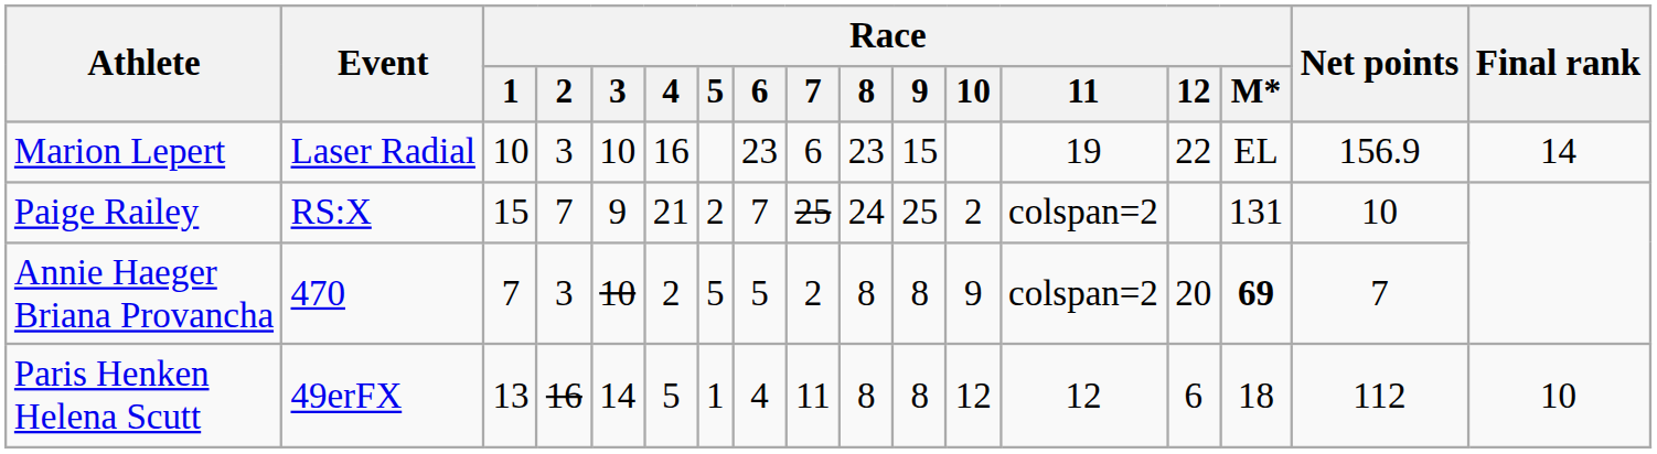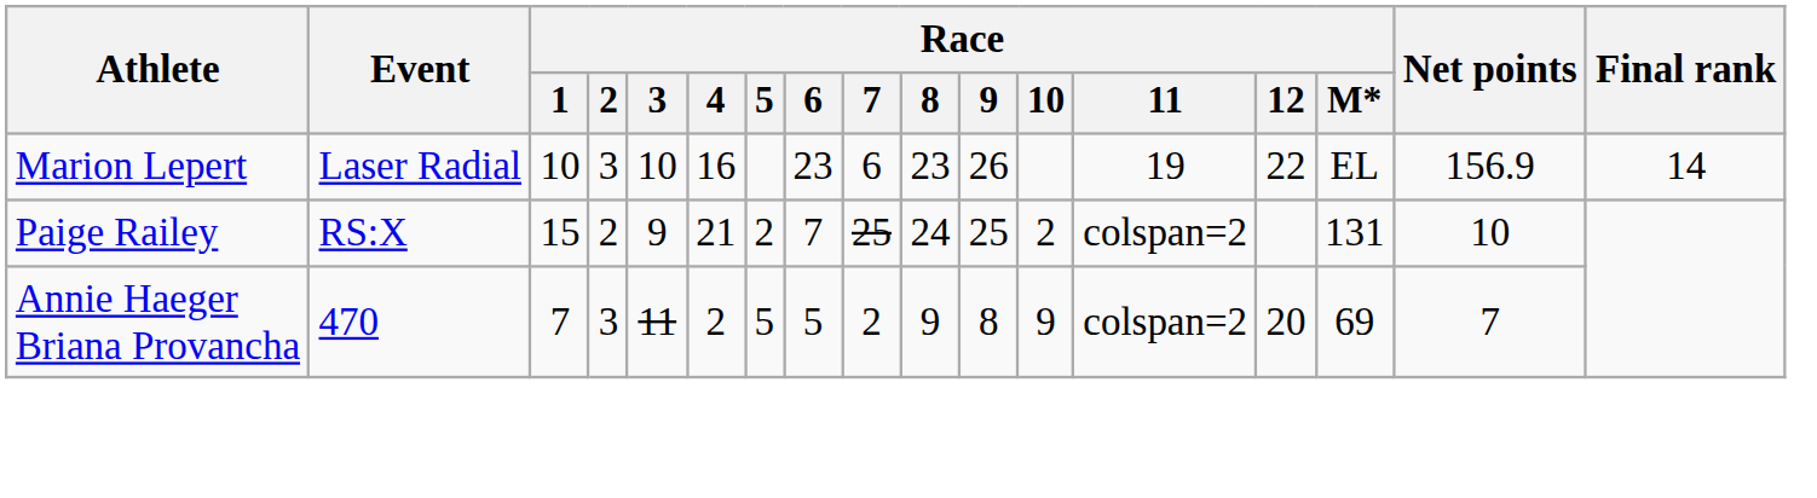 <table class=wikitable style=font-size:90%;text-align:center>
 <tr>
 <th rowspan=2>Athlete</th>
 <th rowspan=2>Event</th>
 <th colspan=13>Race</th>
 <th rowspan=2>Net points</th>
 <th rowspan=2>Final rank</th>
 </tr>
 <tr style=font-size:95%>
 <th>1</th>
 <th>2</th>
 <th>3</th>
 <th>4</th>
 <th>5</th>
 <th>6</th>
 <th>7</th>
 <th>8</th>
 <th>9</th>
 <th>10</th>
 <th>11</th>
 <th>12</th>
 <th>M*</th>
 </tr>
 <tr>
 <td align=left><a href='#'>Marion Lepert</a></td>
 <td align=left><a href='#'>Laser Radial</a></td>
 <td>10</td>
 <td>3</td>
 <td>10</td>
 <td>16</td>
 <td></td>
 <td>23</td>
 <td>6</td>
 <td>23</td>
-<td>15</td>
+<td>26</td>
 <td><s></s></td>
 <td>19</td>
 <td>22</td>
 <td>EL</td>
 <td>156.9</td>
 <td>14</td>
 </tr>
 <tr>
 <td align=left><a href='#'>Paige Railey</a></td>
 <td align=left><a href='#'>RS:X</a></td>
 <td>15</td>
-<td>7</td>
+<td>2</td>
 <td>9</td>
 <td>21</td>
 <td>2</td>
 <td>7</td>
 <td><s>25</s></td>
 <td>24</td>
 <td>25</td>
 <td>2</td>
 <td>colspan=2 </td>
 <td></td>
 <td>131</td>
 <td>10</td>
 </tr>
 <tr>
 <td align=left><a href='#'>Annie Haeger</a><br><a href='#'>Briana Provancha</a></td>
 <td align=left><a href='#'>470</a></td>
 <td>7</td>
 <td>3</td>
-<td><s>10</s></td>
+<td><s>11</s></td>
 <td>2</td>
 <td>5</td>
 <td>5</td>
 <td>2</td>
-<td>8</td>
+<td>9</td>
 <td>8</td>
 <td>9</td>
 <td>colspan=2 </td>
 <td>20</td>
-<td><strong>69</strong></td>
+<td>69</td>
 <td>7</td>
 </tr>
-<tr>
-<td align=left><a href='#'>Paris Henken</a><br><a href='#'>Helena Scutt</a></td>
-<td align=left><a href='#'>49erFX</a></td>
-<td>13</td>
-<td><s>16</s></td>
-<td>14</td>
-<td>5</td>
-<td>1</td>
-<td>4</td>
-<td>11</td>
-<td>8</td>
-<td>8</td>
-<td>12</td>
-<td>12</td>
-<td>6</td>
-<td>18</td>
-<td>112</td>
-<td>10</td>
-</tr>
 </table>
